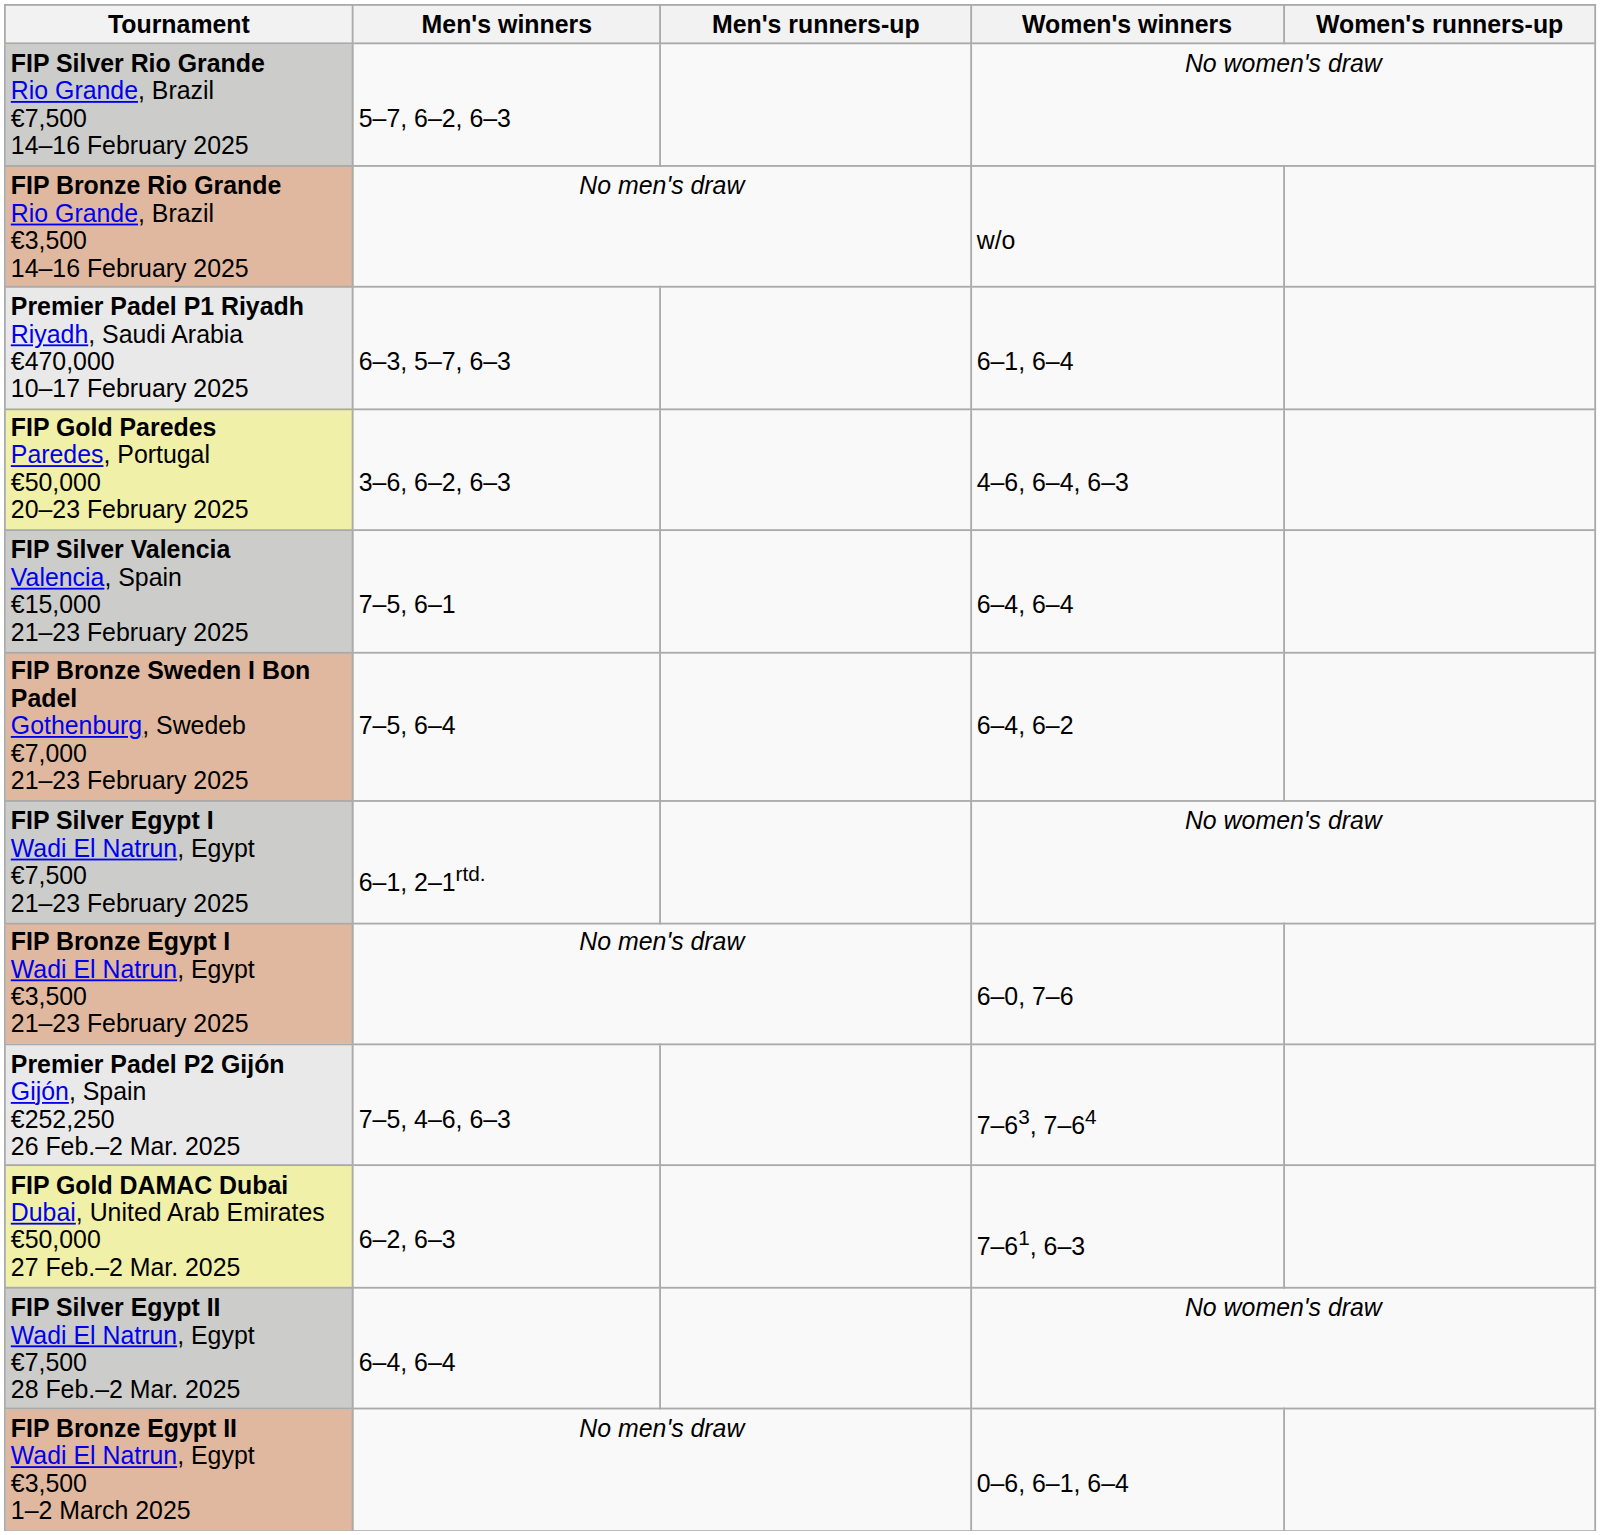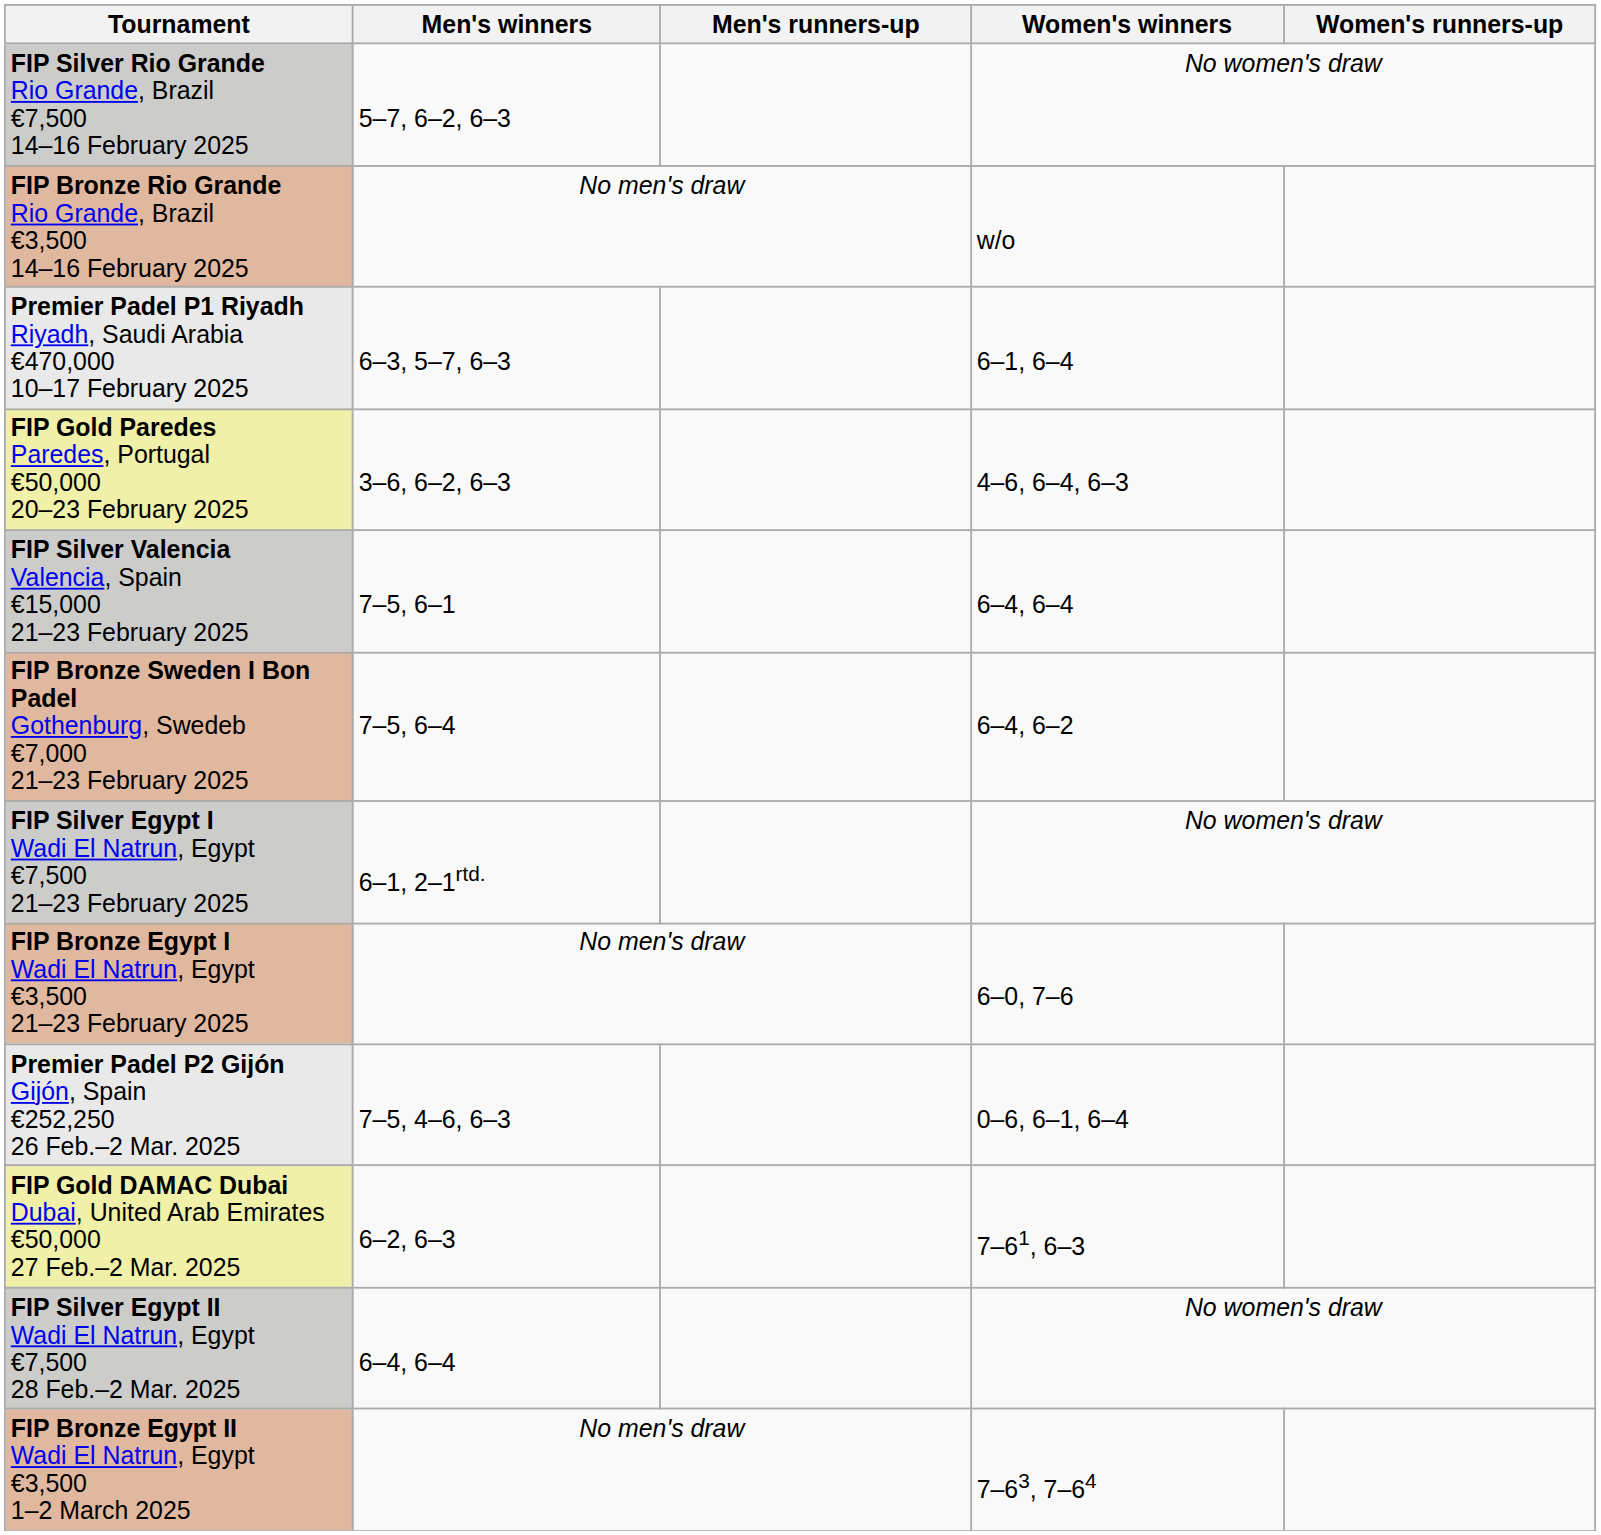 <table class="wikitable sortable nowrap" style=font-size:85%>
 <tr>
 <th width=230>Tournament</th>
 <th width=210>Men's winners</th>
 <th width=210>Men's runners-up</th>
 <th width=210>Women's winners</th>
 <th width=210>Women's runners-up</th>
 </tr>
 <tr valign=top>
 <td style="background:#cccdcb;"><strong>FIP Silver Rio Grande</strong><br><a href='#'>Rio Grande</a>, Brazil<br>€7,500<br>14–16 February 2025</td>
 <td><strong><br></strong><br>5–7, 6–2, 6–3</td>
 <td><br></td>
 <td colspan=2 align=center><em>No women's draw</em></td>
 </tr>
 <tr valign=top>
 <td style="background:#e0b89f;"><strong>FIP Bronze Rio Grande</strong><br><a href='#'>Rio Grande</a>, Brazil<br>€3,500<br>14–16 February 2025</td>
 <td colspan=2 align=center><em>No men's draw</em></td>
 <td><strong><br></strong><br>w/o</td>
 <td><br></td>
 </tr>
 <tr valign=top>
 <td style="background:#E9E9E9;"><strong>Premier Padel P1 Riyadh</strong><br><a href='#'>Riyadh</a>, Saudi Arabia<br>€470,000<br>10–17 February 2025</td>
 <td><strong><br></strong><br>6–3, 5–7, 6–3</td>
 <td><br></td>
 <td><strong><br></strong><br>6–1, 6–4</td>
 <td><br></td>
 </tr>
 <tr valign=top>
 <td style="background:#f0f0a8;"><strong>FIP Gold Paredes</strong><br><a href='#'>Paredes</a>, Portugal<br>€50,000<br>20–23 February 2025</td>
 <td><strong><br></strong><br>3–6, 6–2, 6–3</td>
 <td><br></td>
 <td><strong><br></strong><br>4–6, 6–4, 6–3</td>
 <td><br></td>
 </tr>
 <tr valign=top>
 <td style="background:#cccdcb;"><strong>FIP Silver Valencia</strong><br><a href='#'>Valencia</a>, Spain<br>€15,000<br>21–23 February 2025</td>
 <td><strong><br></strong><br>7–5, 6–1</td>
 <td><br></td>
 <td><strong><br></strong><br>6–4, 6–4</td>
 <td><br></td>
 </tr>
 <tr valign=top>
 <td style="background:#e0b89f;"><strong>FIP Bronze Sweden I Bon Padel</strong><br><a href='#'>Gothenburg</a>, Swedeb<br>€7,000<br>21–23 February 2025</td>
 <td><strong><br></strong><br>7–5, 6–4</td>
 <td><br></td>
 <td><strong><br></strong><br>6–4, 6–2</td>
 <td><br></td>
 </tr>
 <tr valign=top>
 <td style="background:#cccdcb;"><strong>FIP Silver Egypt I</strong><br><a href='#'>Wadi El Natrun</a>, Egypt<br>€7,500<br>21–23 February 2025</td>
 <td><strong><br></strong><br>6–1, 2–1<sup>rtd.</sup></td>
 <td><br></td>
 <td colspan=2 align=center><em>No women's draw</em></td>
 </tr>
 <tr valign=top>
 <td style="background:#e0b89f;"><strong>FIP Bronze Egypt I</strong><br><a href='#'>Wadi El Natrun</a>, Egypt<br>€3,500<br>21–23 February 2025</td>
 <td colspan=2 align=center><em>No men's draw</em></td>
 <td><strong><br></strong><br>6–0, 7–6</td>
 <td><br></td>
 </tr>
 <tr valign=top>
 <td style="background:#E9E9E9;"><strong>Premier Padel P2 Gijón</strong><br><a href='#'>Gijón</a>, Spain<br>€252,250<br>26 Feb.–2 Mar. 2025</td>
 <td><strong><br></strong><br>7–5, 4–6, 6–3</td>
 <td><br></td>
-<td><strong><br></strong><br>7–6<sup>3</sup>, 7–6<sup>4</sup></td>
+<td><strong><br></strong><br>0–6, 6–1, 6–4</td>
 <td><br></td>
 </tr>
 <tr valign=top>
 <td style="background:#f0f0a8;"><strong>FIP Gold DAMAC Dubai</strong><br><a href='#'>Dubai</a>, United Arab Emirates<br>€50,000<br>27 Feb.–2 Mar. 2025</td>
 <td><strong><br></strong><br>6–2, 6–3</td>
 <td><br></td>
 <td><strong><br></strong><br>7–6<sup>1</sup>, 6–3</td>
 <td><br></td>
 </tr>
 <tr valign=top>
 <td style="background:#cccdcb;"><strong>FIP Silver Egypt II</strong><br><a href='#'>Wadi El Natrun</a>, Egypt<br>€7,500<br>28 Feb.–2 Mar. 2025</td>
 <td><strong><br></strong><br>6–4, 6–4</td>
 <td><br></td>
 <td colspan=2 align=center><em>No women's draw</em></td>
 </tr>
 <tr valign=top>
 <td style="background:#e0b89f;"><strong>FIP Bronze Egypt II</strong><br><a href='#'>Wadi El Natrun</a>, Egypt<br>€3,500<br>1–2 March 2025</td>
 <td colspan=2 align=center><em>No men's draw</em></td>
-<td><strong><br></strong><br>0–6, 6–1, 6–4</td>
+<td><strong><br></strong><br>7–6<sup>3</sup>, 7–6<sup>4</sup></td>
 <td><br></td>
 </tr>
 </table>
